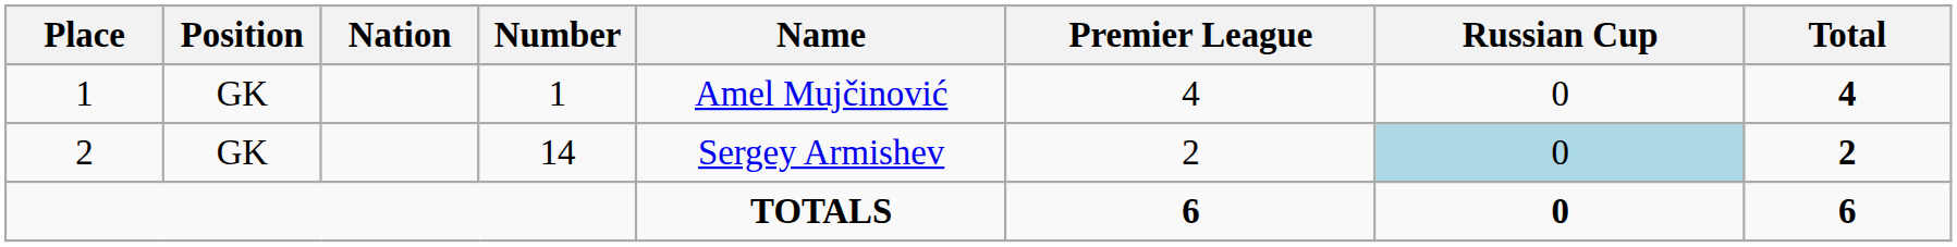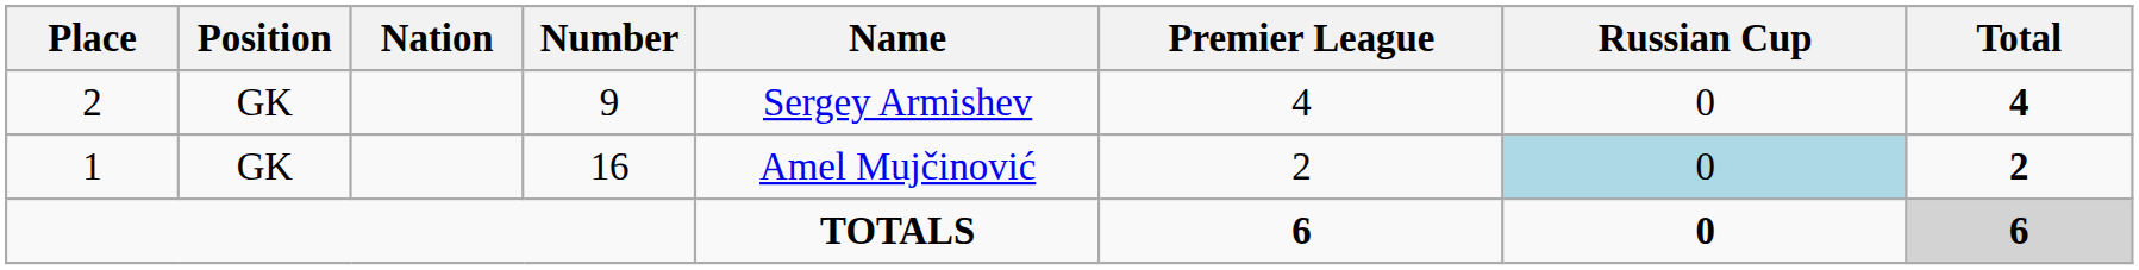 <table class="wikitable" style="font-size: 95%; text-align: center;">
 <tr>
 <th width=60>Place</th>
 <th width=60>Position</th>
 <th width=60>Nation</th>
 <th width=60>Number</th>
 <th width=150>Name</th>
 <th width=150>Premier League</th>
 <th width=150>Russian Cup</th>
 <th width=80>Total</th>
 </tr>
 <tr>
-<td>1</td>
+<td>2</td>
 <td>GK</td>
 <td></td>
-<td>1</td>
-<td><a href='#'>Amel Mujčinović</a></td>
+<td>9</td>
+<td><a href='#'>Sergey Armishev</a></td>
 <td>4</td>
 <td>0</td>
 <td><strong>4</strong></td>
 </tr>
 <tr>
-<td>2</td>
+<td>1</td>
 <td>GK</td>
 <td></td>
-<td>14</td>
-<td><a href='#'>Sergey Armishev</a></td>
+<td>16</td>
+<td><a href='#'>Amel Mujčinović</a></td>
 <td>2</td>
 <td style="background: lightblue;">0</td>
 <td><strong>2</strong></td>
 </tr>
 <tr>
 <td colspan="4"></td>
 <td><strong>TOTALS</strong></td>
 <td><strong>6</strong></td>
 <td><strong>0</strong></td>
-<td><strong>6</strong></td>
+<td style="background: lightgrey;"><strong>6</strong></td>
 </tr>
 </table>
